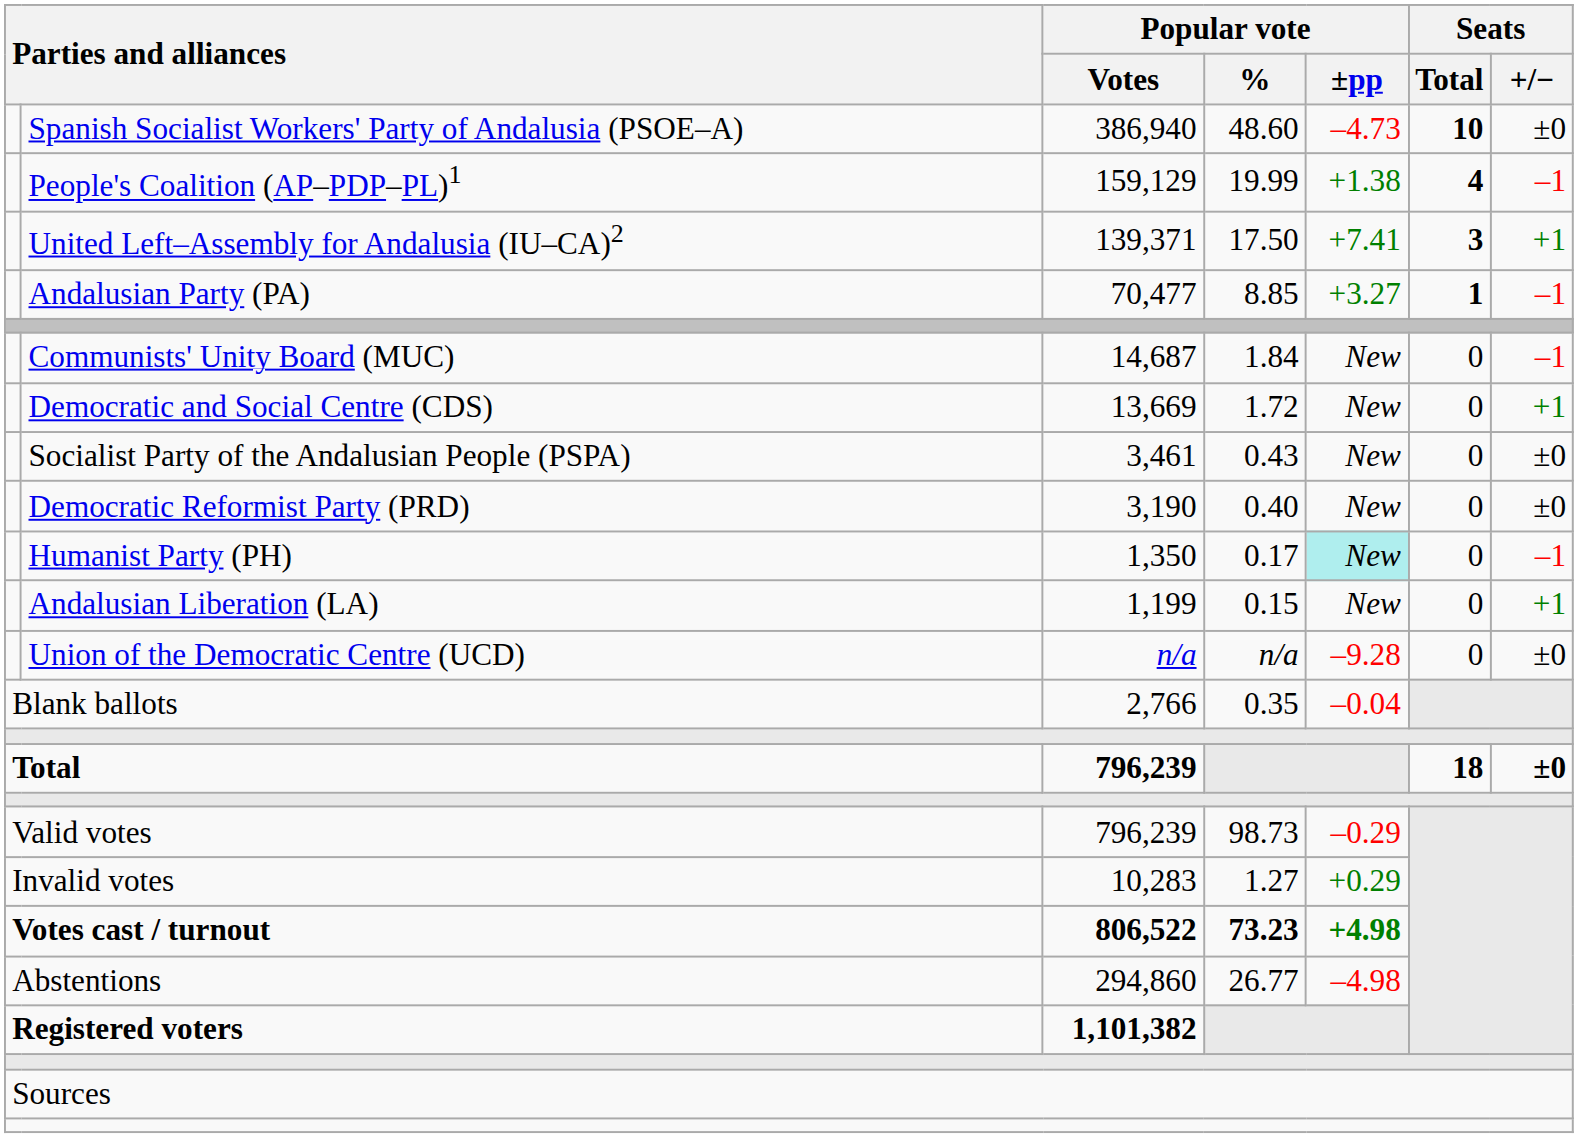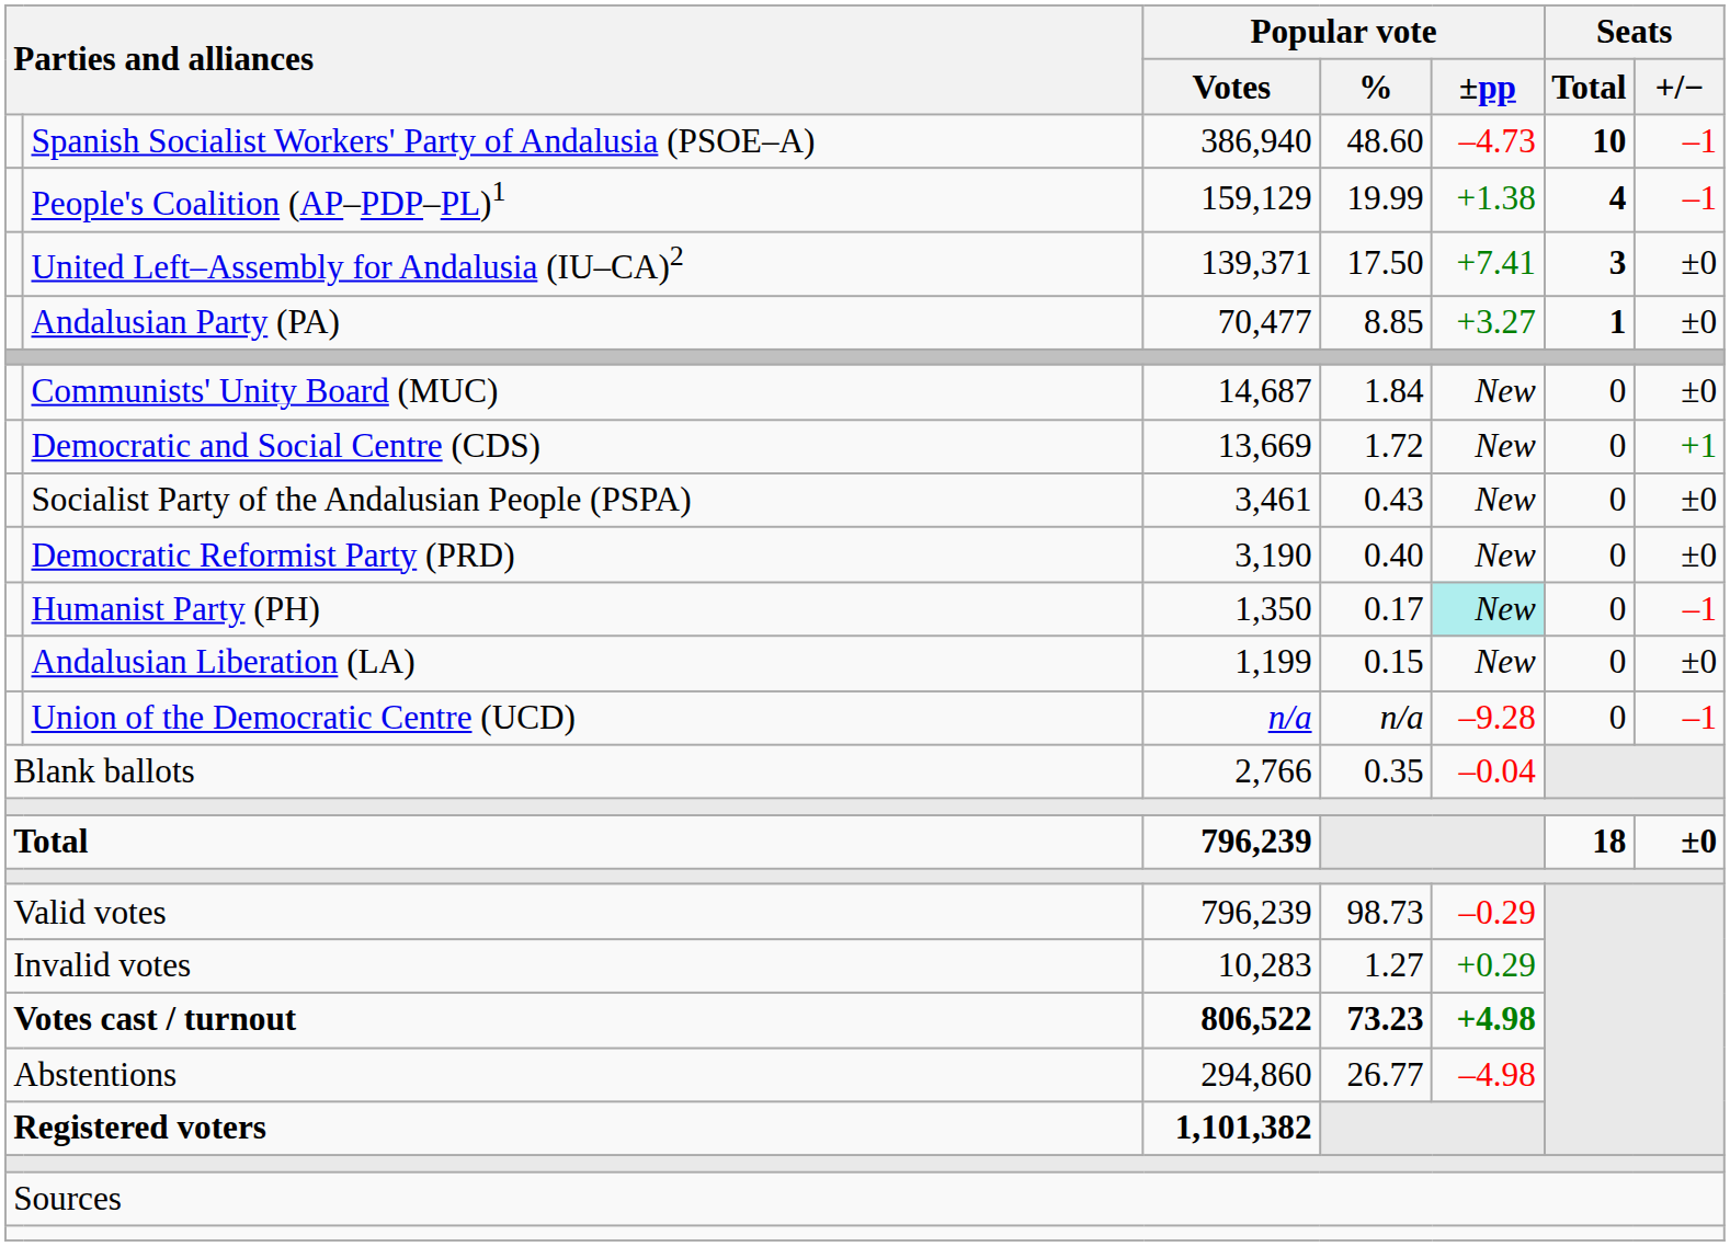 <table class="wikitable" style="text-align:right;">
 <tr>
 <th style="text-align:left;" rowspan="2" colspan="2" width="525">Parties and alliances</th>
 <th colspan="3">Popular vote</th>
 <th colspan="2">Seats</th>
 </tr>
 <tr>
 <th width="75">Votes</th>
 <th width="45">%</th>
 <th width="45">±<a href='#'>pp</a></th>
 <th width="35">Total</th>
 <th width="35">+/−</th>
 </tr>
 <tr>
 <td width="1" style="color:inherit;background:"></td>
 <td align="left"><a href='#'>Spanish Socialist Workers' Party of Andalusia</a> (PSOE–A)</td>
 <td>386,940</td>
 <td>48.60</td>
 <td style="color:red;">–4.73</td>
 <td><strong>10</strong></td>
-<td>±0</td>
+<td style="color:red;">–1</td>
 </tr>
 <tr>
 <td style="color:inherit;background:"></td>
 <td align="left"><a href='#'>People's Coalition</a> (<a href='#'>AP</a>–<a href='#'>PDP</a>–<a href='#'>PL</a>)<sup>1</sup></td>
 <td>159,129</td>
 <td>19.99</td>
 <td style="color:green;">+1.38</td>
 <td><strong>4</strong></td>
 <td style="color:red;">–1</td>
 </tr>
 <tr>
 <td style="color:inherit;background:"></td>
 <td align="left"><a href='#'>United Left–Assembly for Andalusia</a> (IU–CA)<sup>2</sup></td>
 <td>139,371</td>
 <td>17.50</td>
 <td style="color:green;">+7.41</td>
 <td><strong>3</strong></td>
-<td style="color:green;">+1</td>
+<td>±0</td>
 </tr>
 <tr>
 <td style="color:inherit;background:"></td>
 <td align="left"><a href='#'>Andalusian Party</a> (PA)</td>
 <td>70,477</td>
 <td>8.85</td>
 <td style="color:green;">+3.27</td>
 <td><strong>1</strong></td>
-<td style="color:red;">–1</td>
+<td>±0</td>
 </tr>
 <tr>
 <td colspan="7" bgcolor="#C0C0C0"></td>
 </tr>
 <tr>
 <td style="color:inherit;background:"></td>
 <td align="left"><a href='#'>Communists' Unity Board</a> (MUC)</td>
 <td>14,687</td>
 <td>1.84</td>
 <td><em>New</em></td>
 <td>0</td>
-<td style="color:red;">–1</td>
+<td>±0</td>
 </tr>
 <tr>
 <td style="color:inherit;background:"></td>
 <td align="left"><a href='#'>Democratic and Social Centre</a> (CDS)</td>
 <td>13,669</td>
 <td>1.72</td>
 <td><em>New</em></td>
 <td>0</td>
 <td style="color:green;">+1</td>
 </tr>
 <tr>
 <td style="color:inherit;background:"></td>
 <td align="left">Socialist Party of the Andalusian People (PSPA)</td>
 <td>3,461</td>
 <td>0.43</td>
 <td><em>New</em></td>
 <td>0</td>
 <td>±0</td>
 </tr>
 <tr>
 <td style="color:inherit;background:"></td>
 <td align="left"><a href='#'>Democratic Reformist Party</a> (PRD)</td>
 <td>3,190</td>
 <td>0.40</td>
 <td><em>New</em></td>
 <td>0</td>
 <td>±0</td>
 </tr>
 <tr>
 <td style="color:inherit;background:"></td>
 <td align="left"><a href='#'>Humanist Party</a> (PH)</td>
 <td>1,350</td>
 <td>0.17</td>
 <td style="background: paleturquoise;"><em>New</em></td>
 <td>0</td>
 <td style="color:red;">–1</td>
 </tr>
 <tr>
 <td style="color:inherit;background:"></td>
 <td align="left"><a href='#'>Andalusian Liberation</a> (LA)</td>
 <td>1,199</td>
 <td>0.15</td>
 <td><em>New</em></td>
 <td>0</td>
-<td style="color:green;">+1</td>
+<td>±0</td>
 </tr>
 <tr>
 <td style="color:inherit;background:"></td>
 <td align="left"><a href='#'>Union of the Democratic Centre</a> (UCD)</td>
 <td><em><a href='#'>n/a</a></em></td>
 <td><em>n/a</em></td>
 <td style="color:red;">–9.28</td>
 <td>0</td>
-<td>±0</td>
+<td style="color:red;">–1</td>
 </tr>
 <tr>
 <td align="left" colspan="2">Blank ballots</td>
 <td>2,766</td>
 <td>0.35</td>
 <td style="color:red;">–0.04</td>
 <td bgcolor="#E9E9E9" colspan="2"></td>
 </tr>
 <tr>
 <td colspan="7" bgcolor="#E9E9E9"></td>
 </tr>
 <tr style="font-weight:bold;">
 <td align="left" colspan="2">Total</td>
 <td>796,239</td>
 <td bgcolor="#E9E9E9" colspan="2"></td>
 <td>18</td>
 <td>±0</td>
 </tr>
 <tr>
 <td colspan="7" bgcolor="#E9E9E9"></td>
 </tr>
 <tr>
 <td align="left" colspan="2">Valid votes</td>
 <td>796,239</td>
 <td>98.73</td>
 <td style="color:red;">–0.29</td>
 <td bgcolor="#E9E9E9" colspan="2" rowspan="5"></td>
 </tr>
 <tr>
 <td align="left" colspan="2">Invalid votes</td>
 <td>10,283</td>
 <td>1.27</td>
 <td style="color:green;">+0.29</td>
 </tr>
 <tr style="font-weight:bold;">
 <td align="left" colspan="2">Votes cast / turnout</td>
 <td>806,522</td>
 <td>73.23</td>
 <td style="color:green;">+4.98</td>
 </tr>
 <tr>
 <td align="left" colspan="2">Abstentions</td>
 <td>294,860</td>
 <td>26.77</td>
 <td style="color:red;">–4.98</td>
 </tr>
 <tr style="font-weight:bold;">
 <td align="left" colspan="2">Registered voters</td>
 <td>1,101,382</td>
 <td bgcolor="#E9E9E9" colspan="2"></td>
 </tr>
 <tr>
 <td colspan="7" bgcolor="#E9E9E9"></td>
 </tr>
 <tr>
 <td align="left" colspan="7">Sources</td>
 </tr>
 <tr>
 <td colspan="7" style="text-align:left; max-width:790px;"></td>
 </tr>
 </table>
